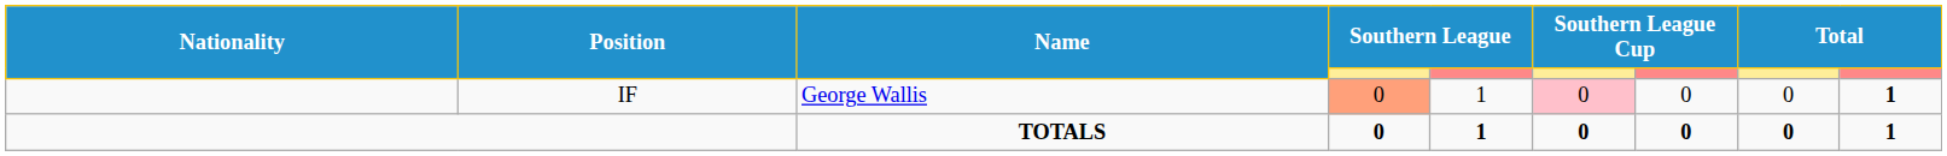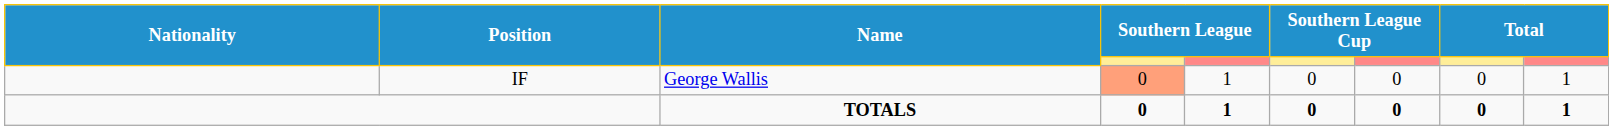 <table class="wikitable" style="text-align:center; font-size:90%; width:100%;">
 <tr>
 <th rowspan="2" style="background:#2191CC; color:white; border:1px solid #F7C408; text-align:center;">Nationality</th>
 <th rowspan="2" style="background:#2191CC; color:white; border:1px solid #F7C408; text-align:center;">Position</th>
 <th rowspan="2" style="background:#2191CC; color:white; border:1px solid #F7C408; text-align:center;">Name</th>
 <th colspan="2" style="background:#2191CC; color:white; border:1px solid #F7C408; text-align:center;">Southern League</th>
 <th colspan="2" style="background:#2191CC; color:white; border:1px solid #F7C408; text-align:center;">Southern League Cup</th>
 <th colspan="2" style="background:#2191CC; color:white; border:1px solid #F7C408; text-align:center;">Total</th>
 </tr>
 <tr>
 <th width=60 style="background: #FFEE99"></th>
 <th width=60 style="background: #FF8888"></th>
 <th width=60 style="background: #FFEE99"></th>
 <th width=60 style="background: #FF8888"></th>
 <th width=60 style="background: #FFEE99"></th>
 <th width=60 style="background: #FF8888"></th>
 </tr>
 <tr>
 <td></td>
 <td>IF</td>
 <td align="left"><a href='#'>George Wallis</a></td>
 <td style="background: lightsalmon;">0</td>
 <td>1</td>
-<td style="background: pink;">0</td>
 <td>0</td>
 <td>0</td>
-<td><strong>1</strong></td>
+<td>0</td>
+<td>1</td>
 </tr>
 <tr>
 <td colspan="2"></td>
 <td><strong>TOTALS</strong></td>
 <td><strong>0</strong></td>
 <td><strong>1</strong></td>
 <td><strong>0</strong></td>
 <td><strong>0</strong></td>
 <td><strong>0</strong></td>
 <td><strong>1</strong></td>
 </tr>
 </table>
